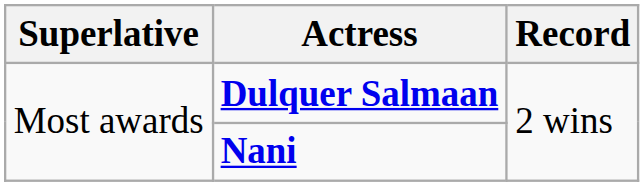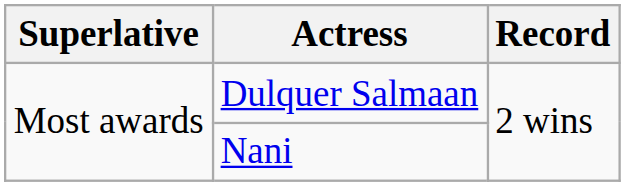 <table class="wikitable">
 <tr>
 <th>Superlative</th>
 <th>Actress</th>
 <th>Record</th>
 </tr>
 <tr>
 <td rowspan="4">Most awards</td>
-<td><strong><a href='#'>Dulquer Salmaan</a></strong></td>
+<td><a href='#'>Dulquer Salmaan</a></td>
 <td rowspan="4">2 wins</td>
 </tr>
 <tr>
-<td><strong><a href='#'>Nani</a></strong></td>
+<td><a href='#'>Nani</a></td>
 </tr>
 </table>
